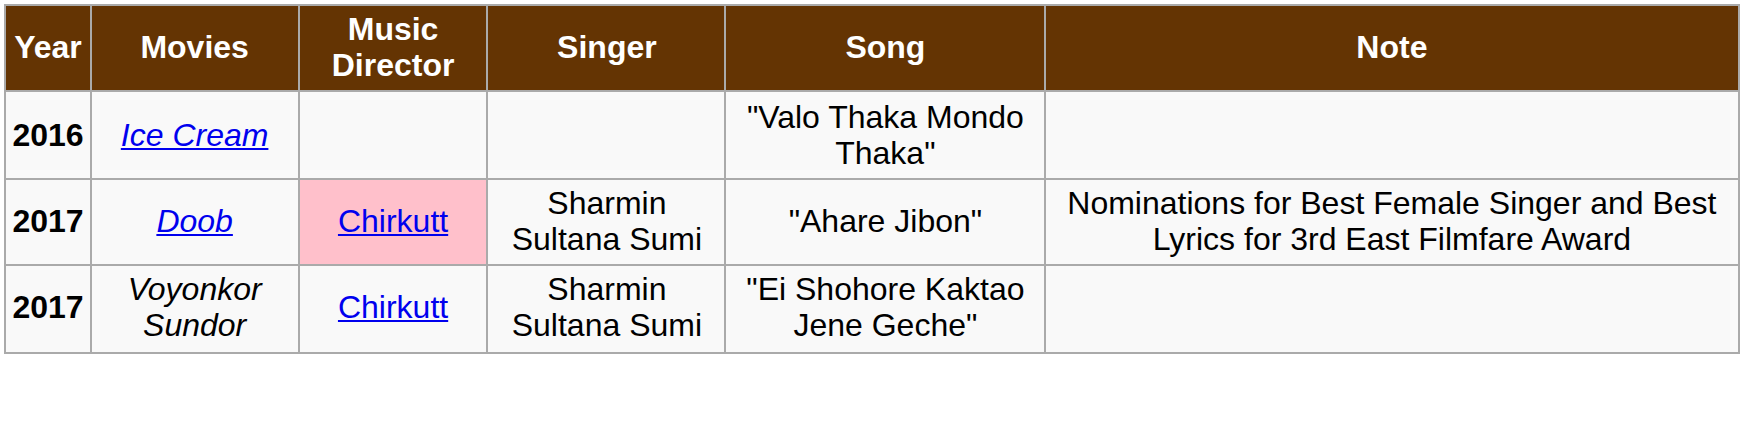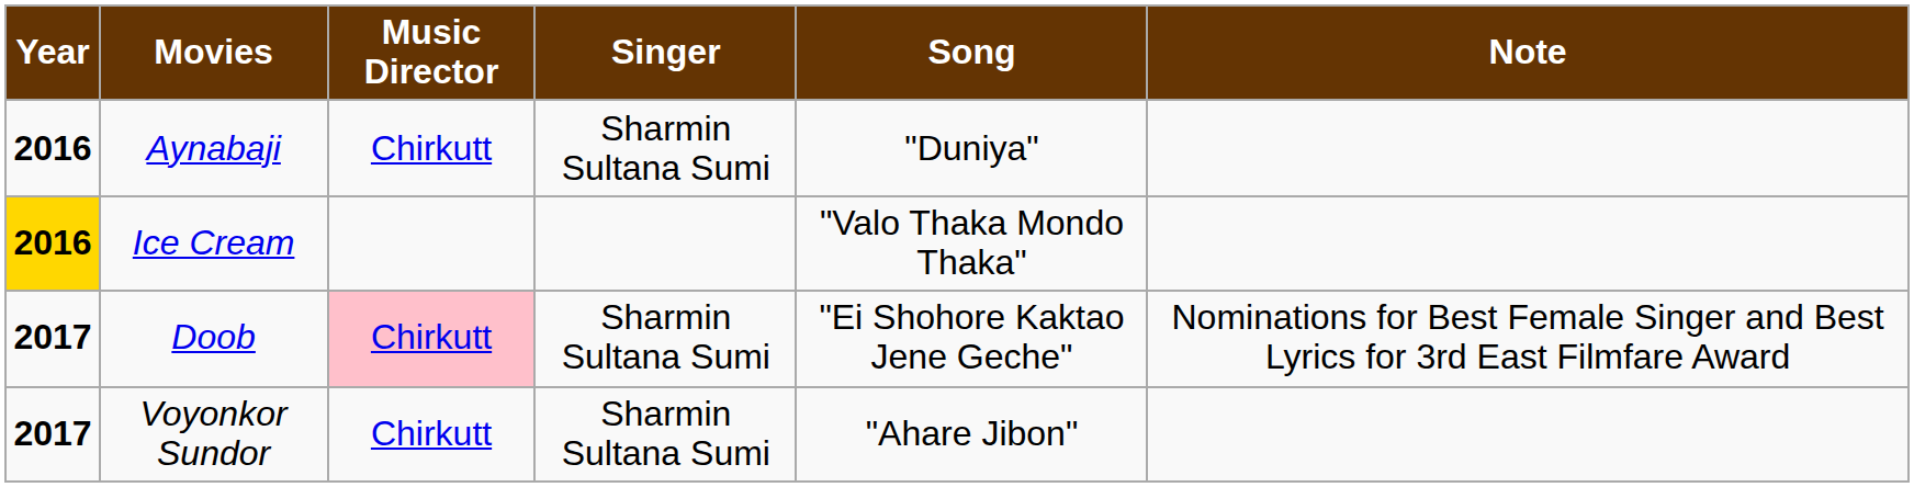 <table class="wikitable">
 <tr>
 <th style="text-align: center; font-weight:bold; font-size:100%; background-color:#643403; color:#ffffff;">Year</th>
 <th style="text-align: center; font-weight:bold; font-size:100%; background-color:#643403; color:#ffffff;">Movies</th>
 <th style="text-align: center; font-weight:bold; font-size:100%; background-color:#643403; color:#ffffff;">Music Director</th>
 <th style="text-align: center; font-weight:bold; font-size:100%; background-color:#643403; color:#ffffff;">Singer</th>
 <th style="text-align: center; font-weight:bold; font-size:100%; background-color:#643403; color:#ffffff;">Song</th>
 <th style="text-align: center; font-weight:bold; font-size:100%; background-color:#643403; color:#ffffff;">Note</th>
 </tr>
 <tr>
 <td style="text-align: center; font-weight:bold;">2016</td>
+<td style="text-align: center;"><em><a href='#'>Aynabaji</a></em></td>
+<td style="text-align: center;"><a href='#'>Chirkutt</a></td>
+<td style="text-align: center;">Sharmin Sultana Sumi</td>
+<td style="text-align: center;">"Duniya"</td>
+<td style="text-align: center;"></td>
+</tr>
+<tr>
+<td style="background: gold; text-align: center; font-weight:bold;">2016</td>
 <td style="text-align: center;"><em><a href='#'>Ice Cream</a></em></td>
 <td style="text-align: center;"></td>
 <td style="text-align: center;"></td>
 <td style="text-align: center;">"Valo Thaka Mondo Thaka"</td>
 <td style="text-align: center;"></td>
 </tr>
 <tr>
 <td style="text-align: center; font-weight:bold;">2017</td>
 <td style="text-align: center;"><em><a href='#'>Doob</a></em></td>
 <td style="background: pink; text-align: center;"><a href='#'>Chirkutt</a></td>
 <td style="text-align: center;">Sharmin Sultana Sumi</td>
-<td style="text-align: center;">"Ahare Jibon"</td>
+<td style="text-align: center;">"Ei Shohore Kaktao Jene Geche"</td>
 <td style="text-align: center;">Nominations for Best Female Singer and Best Lyrics for 3rd East Filmfare Award</td>
 </tr>
 <tr>
 <td style="text-align: center; font-weight:bold;">2017</td>
 <td style="text-align: center;"><em>Voyonkor Sundor</em></td>
 <td style="text-align: center;"><a href='#'>Chirkutt</a></td>
 <td style="text-align: center;">Sharmin Sultana Sumi</td>
-<td style="text-align: center;">"Ei Shohore Kaktao Jene Geche"</td>
+<td style="text-align: center;">"Ahare Jibon"</td>
 <td style="text-align: center;"></td>
 </tr>
 </table>
